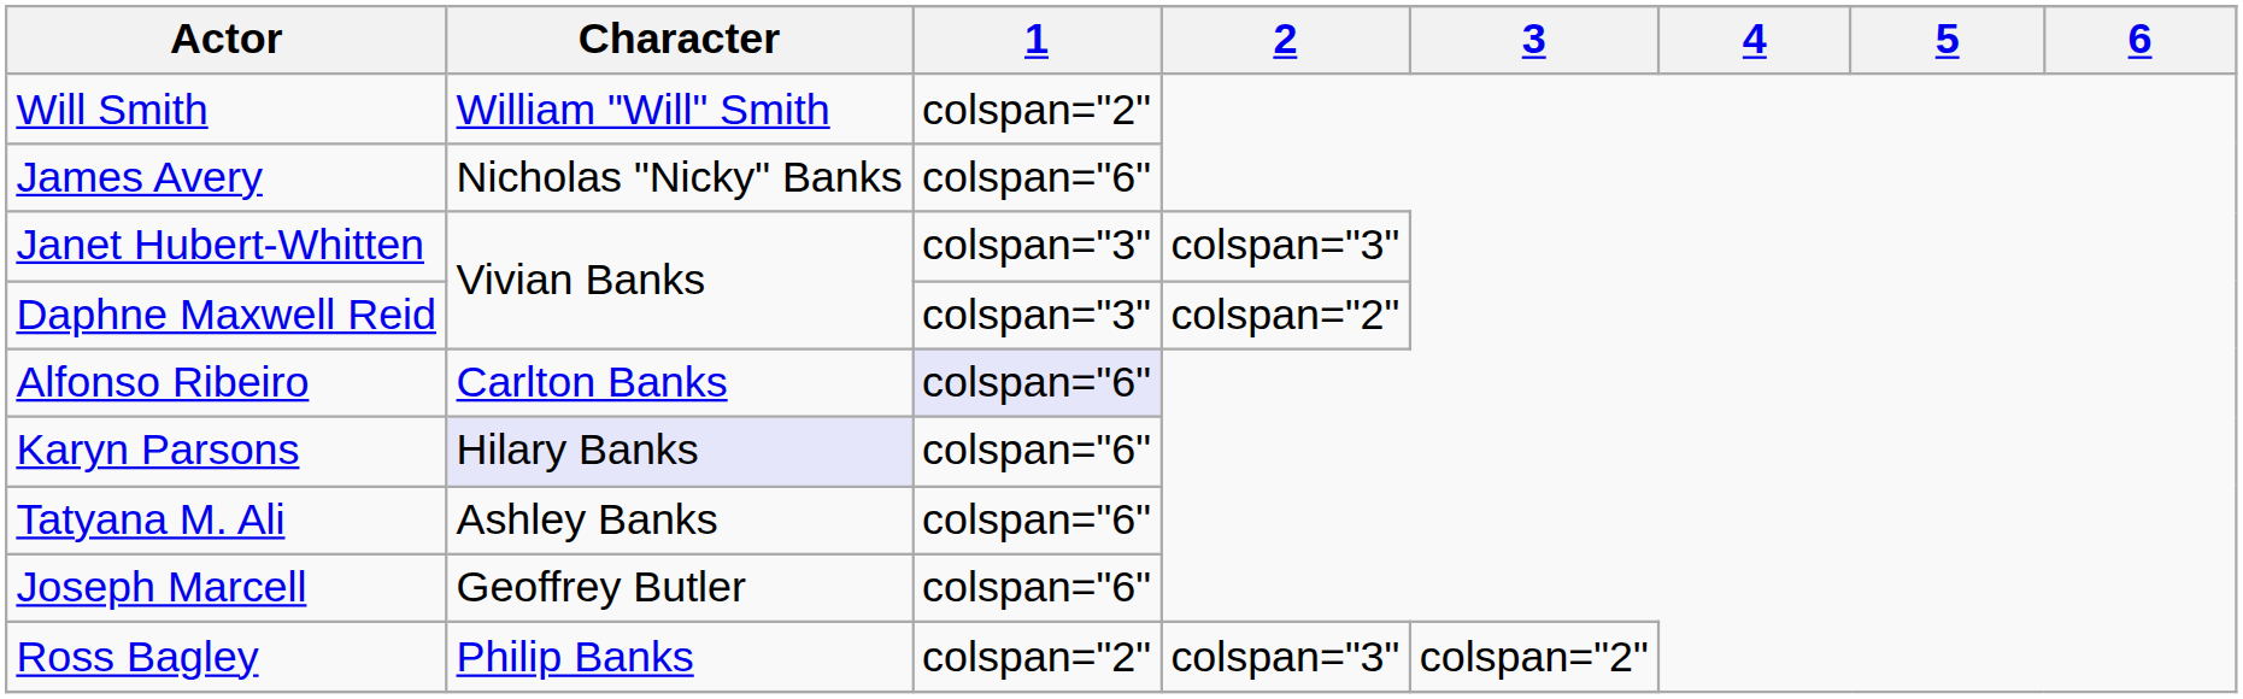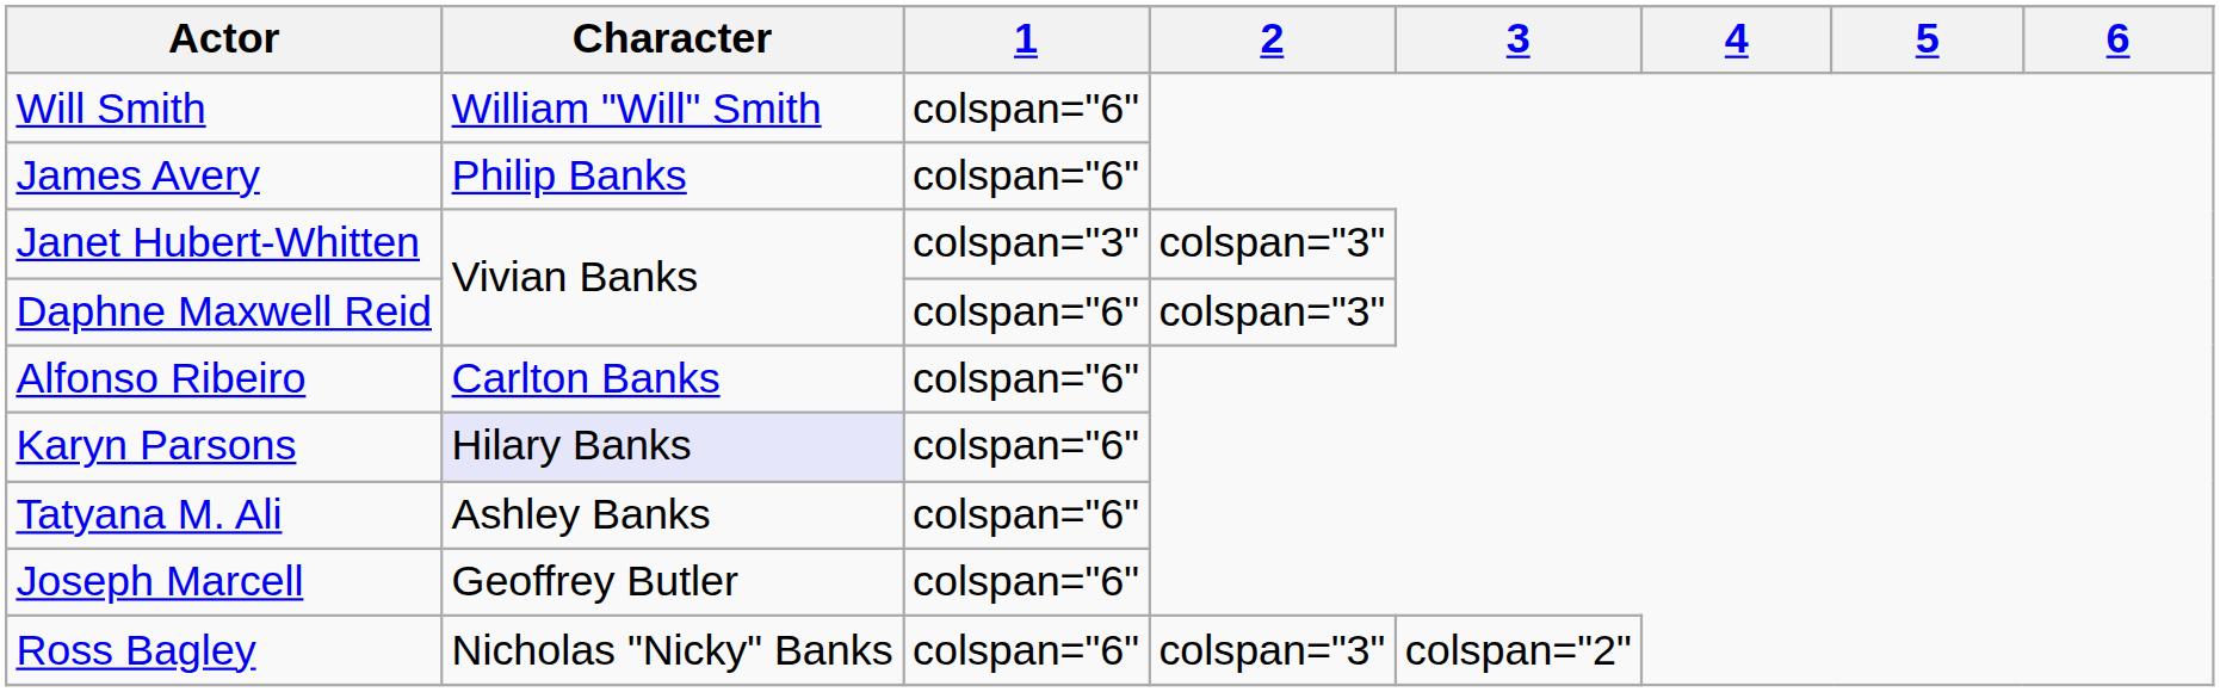 <table class="wikitable plainrowheaders">
 <tr>
 <th rowspan="2" scope="col">Actor</th>
 <th rowspan="2" scope="col">Character</th>
 </tr>
 <tr>
 <th scope="col" style="width:4em;"><a href='#'>1</a></th>
 <th scope="col" style="width:4em;"><a href='#'>2</a></th>
 <th scope="col" style="width:4em;"><a href='#'>3</a></th>
 <th scope="col" style="width:4em;"><a href='#'>4</a></th>
 <th scope="col" style="width:4em;"><a href='#'>5</a></th>
 <th scope="col" style="width:4em;"><a href='#'>6</a></th>
 </tr>
 <tr>
 <td scope="row"><a href='#'>Will Smith</a></td>
 <td><a href='#'>William "Will" Smith</a></td>
-<td>colspan="2" </td>
+<td>colspan="6" </td>
 </tr>
 <tr>
 <td scope="row"><a href='#'>James Avery</a></td>
-<td>Nicholas "Nicky" Banks</td>
+<td><a href='#'>Philip Banks</a></td>
 <td>colspan="6" </td>
 </tr>
 <tr>
 <td scope="row"><a href='#'>Janet Hubert-Whitten</a></td>
 <td rowspan="2">Vivian Banks</td>
 <td>colspan="3" </td>
 <td>colspan="3" </td>
 </tr>
 <tr>
 <td scope="row"><a href='#'>Daphne Maxwell Reid</a></td>
+<td>colspan="6" </td>
 <td>colspan="3" </td>
-<td>colspan="2" </td>
 </tr>
 <tr>
 <td scope="row"><a href='#'>Alfonso Ribeiro</a></td>
 <td><a href='#'>Carlton Banks</a></td>
-<td style="background: lavender;">colspan="6" </td>
+<td>colspan="6" </td>
 </tr>
 <tr>
 <td scope="row"><a href='#'>Karyn Parsons</a></td>
 <td style="background: lavender;">Hilary Banks</td>
 <td>colspan="6" </td>
 </tr>
 <tr>
 <td scope="row"><a href='#'>Tatyana M. Ali</a></td>
 <td>Ashley Banks</td>
 <td>colspan="6" </td>
 </tr>
 <tr>
 <td scope="row"><a href='#'>Joseph Marcell</a></td>
 <td>Geoffrey Butler</td>
 <td>colspan="6" </td>
 </tr>
 <tr>
 <td scope="row"><a href='#'>Ross Bagley</a></td>
-<td><a href='#'>Philip Banks</a></td>
-<td>colspan="2" </td>
+<td>Nicholas "Nicky" Banks</td>
+<td>colspan="6" </td>
 <td>colspan="3" </td>
 <td>colspan="2" </td>
 </tr>
 <tr>
 </tr>
 </table>
